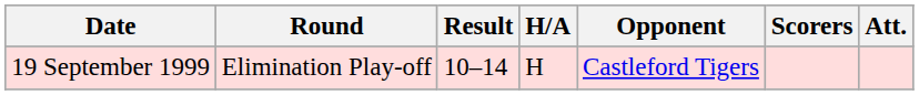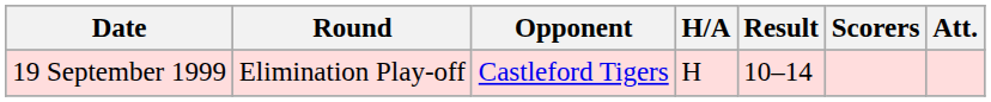 <table class="wikitable" style="font-size:85%;">
 <tr>
 <th>Date</th>
 <th>Round</th>
+<th>Opponent</th>
+<th>H/A</th>
 <th>Result</th>
-<th>H/A</th>
-<th>Opponent</th>
 <th>Scorers</th>
 <th>Att.</th>
 </tr>
 <tr style="background:#ffdddd">
 <td>19 September 1999</td>
 <td>Elimination Play-off</td>
+<td> <a href='#'>Castleford Tigers</a></td>
+<td>H</td>
 <td>10–14</td>
-<td>H</td>
-<td> <a href='#'>Castleford Tigers</a></td>
 <td></td>
 <td></td>
 </tr>
 </table>
